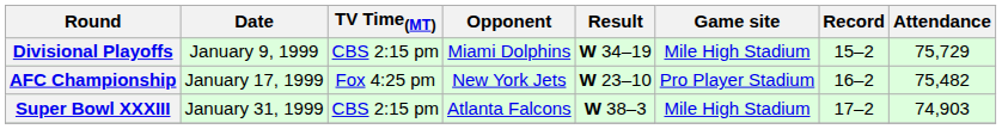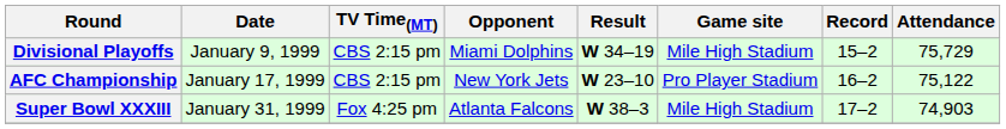 <table class="wikitable" style="text-align:center">
 <tr>
 <th>Round</th>
 <th>Date</th>
 <th>TV Time<sub>(<a href='#'>MT</a>)</sub></th>
 <th>Opponent</th>
 <th>Result</th>
 <th>Game site</th>
 <th>Record</th>
 <th>Attendance</th>
 </tr>
 <tr style="background: #ddffdd;" align="center">
 <th><strong><a href='#'>Divisional Playoffs</a></strong></th>
 <td>January 9, 1999</td>
 <td><a href='#'>CBS</a> 2:15 pm</td>
 <td><a href='#'>Miami Dolphins</a></td>
 <td><strong>W</strong> 34–19</td>
 <td><a href='#'>Mile High Stadium</a></td>
 <td>15–2</td>
 <td>75,729</td>
 </tr>
 <tr style="background: #ddffdd;" align="center">
 <th><strong><a href='#'>AFC Championship</a></strong></th>
 <td>January 17, 1999</td>
-<td><a href='#'>Fox</a> 4:25 pm</td>
+<td><a href='#'>CBS</a> 2:15 pm</td>
 <td><a href='#'>New York Jets</a></td>
 <td><strong>W</strong> 23–10</td>
 <td><a href='#'>Pro Player Stadium</a></td>
 <td>16–2</td>
-<td>75,482</td>
+<td>75,122</td>
 </tr>
 <tr style="background: #ddffdd;" align="center">
 <th><strong><a href='#'>Super Bowl XXXIII</a></strong></th>
 <td>January 31, 1999</td>
-<td><a href='#'>CBS</a> 2:15 pm</td>
+<td><a href='#'>Fox</a> 4:25 pm</td>
 <td><a href='#'>Atlanta Falcons</a></td>
 <td><strong>W</strong> 38–3</td>
 <td><a href='#'>Mile High Stadium</a></td>
 <td>17–2</td>
 <td>74,903</td>
 </tr>
 <tr>
 </tr>
 </table>
